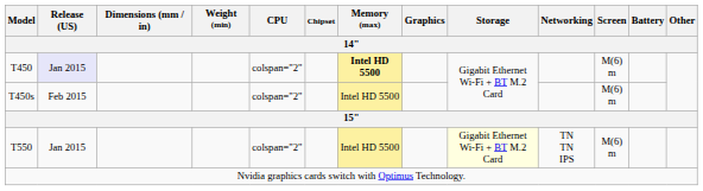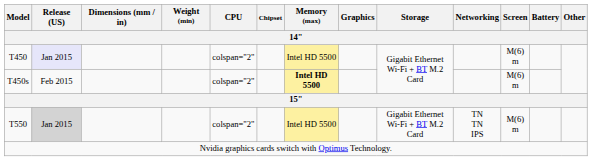 <table class="wikitable" style="font-size: 80%; text-align: center; min-width: 80%;">
 <tr>
 <th>Model</th>
 <th>Release (US)</th>
 <th>Dimensions (mm / in)</th>
 <th>Weight <sup>(min)</sup></th>
 <th>CPU</th>
 <th><small>Chipset</small></th>
 <th>Memory <sup>(max)</sup></th>
 <th>Graphics</th>
 <th>Storage</th>
 <th>Networking</th>
 <th>Screen</th>
 <th>Battery</th>
 <th>Other</th>
 </tr>
 <tr>
 <th colspan="13">14"</th>
 </tr>
 <tr>
 <td>T450</td>
 <td style="background: lavender;">Jan 2015</td>
 <td></td>
 <td></td>
 <td>colspan="2" </td>
 <td></td>
-<td style="background:#fdf1a1;"><strong>Intel HD 5500 <br></strong></td>
+<td style="background:#fdf1a1;">Intel HD 5500 <br></td>
 <td></td>
 <td rowspan="2">Gigabit Ethernet<br>Wi-Fi + <a href='#'>BT</a> M.2 Card<br><small></small></td>
 <td></td>
 <td style="background:">M(6)<br>m</td>
 <td></td>
 </tr>
 <tr>
 <td>T450s</td>
 <td>Feb 2015</td>
 <td></td>
 <td></td>
 <td>colspan="2" </td>
 <td></td>
-<td style="background:#fdf1a1;">Intel HD 5500 <br></td>
+<td style="background:#fdf1a1;"><strong>Intel HD 5500 <br></strong></td>
 <td></td>
 <td></td>
 <td style="background:">M(6)<br>m</td>
 <td></td>
 </tr>
 <tr>
 <th colspan="13">15"</th>
 </tr>
 <tr>
 <td>T550</td>
-<td>Jan 2015</td>
+<td style="background: lightgrey;">Jan 2015</td>
 <td></td>
 <td></td>
 <td>colspan="2" </td>
 <td></td>
 <td style="background:#fdf1a1;">Intel HD 5500 <br></td>
 <td></td>
-<td style="background: lightyellow;">Gigabit Ethernet<br>Wi-Fi + <a href='#'>BT</a> M.2 Card<br><small></small></td>
+<td>Gigabit Ethernet<br>Wi-Fi + <a href='#'>BT</a> M.2 Card<br><small></small></td>
 <td style="background:"> TN <br> TN <br> IPS</td>
 <td style="background:">M(6)<br>m</td>
 <td></td>
 </tr>
 <tr>
 <td colspan="13">Nvidia graphics cards switch with <a href='#'>Optimus</a> Technology.</td>
 </tr>
 </table>
